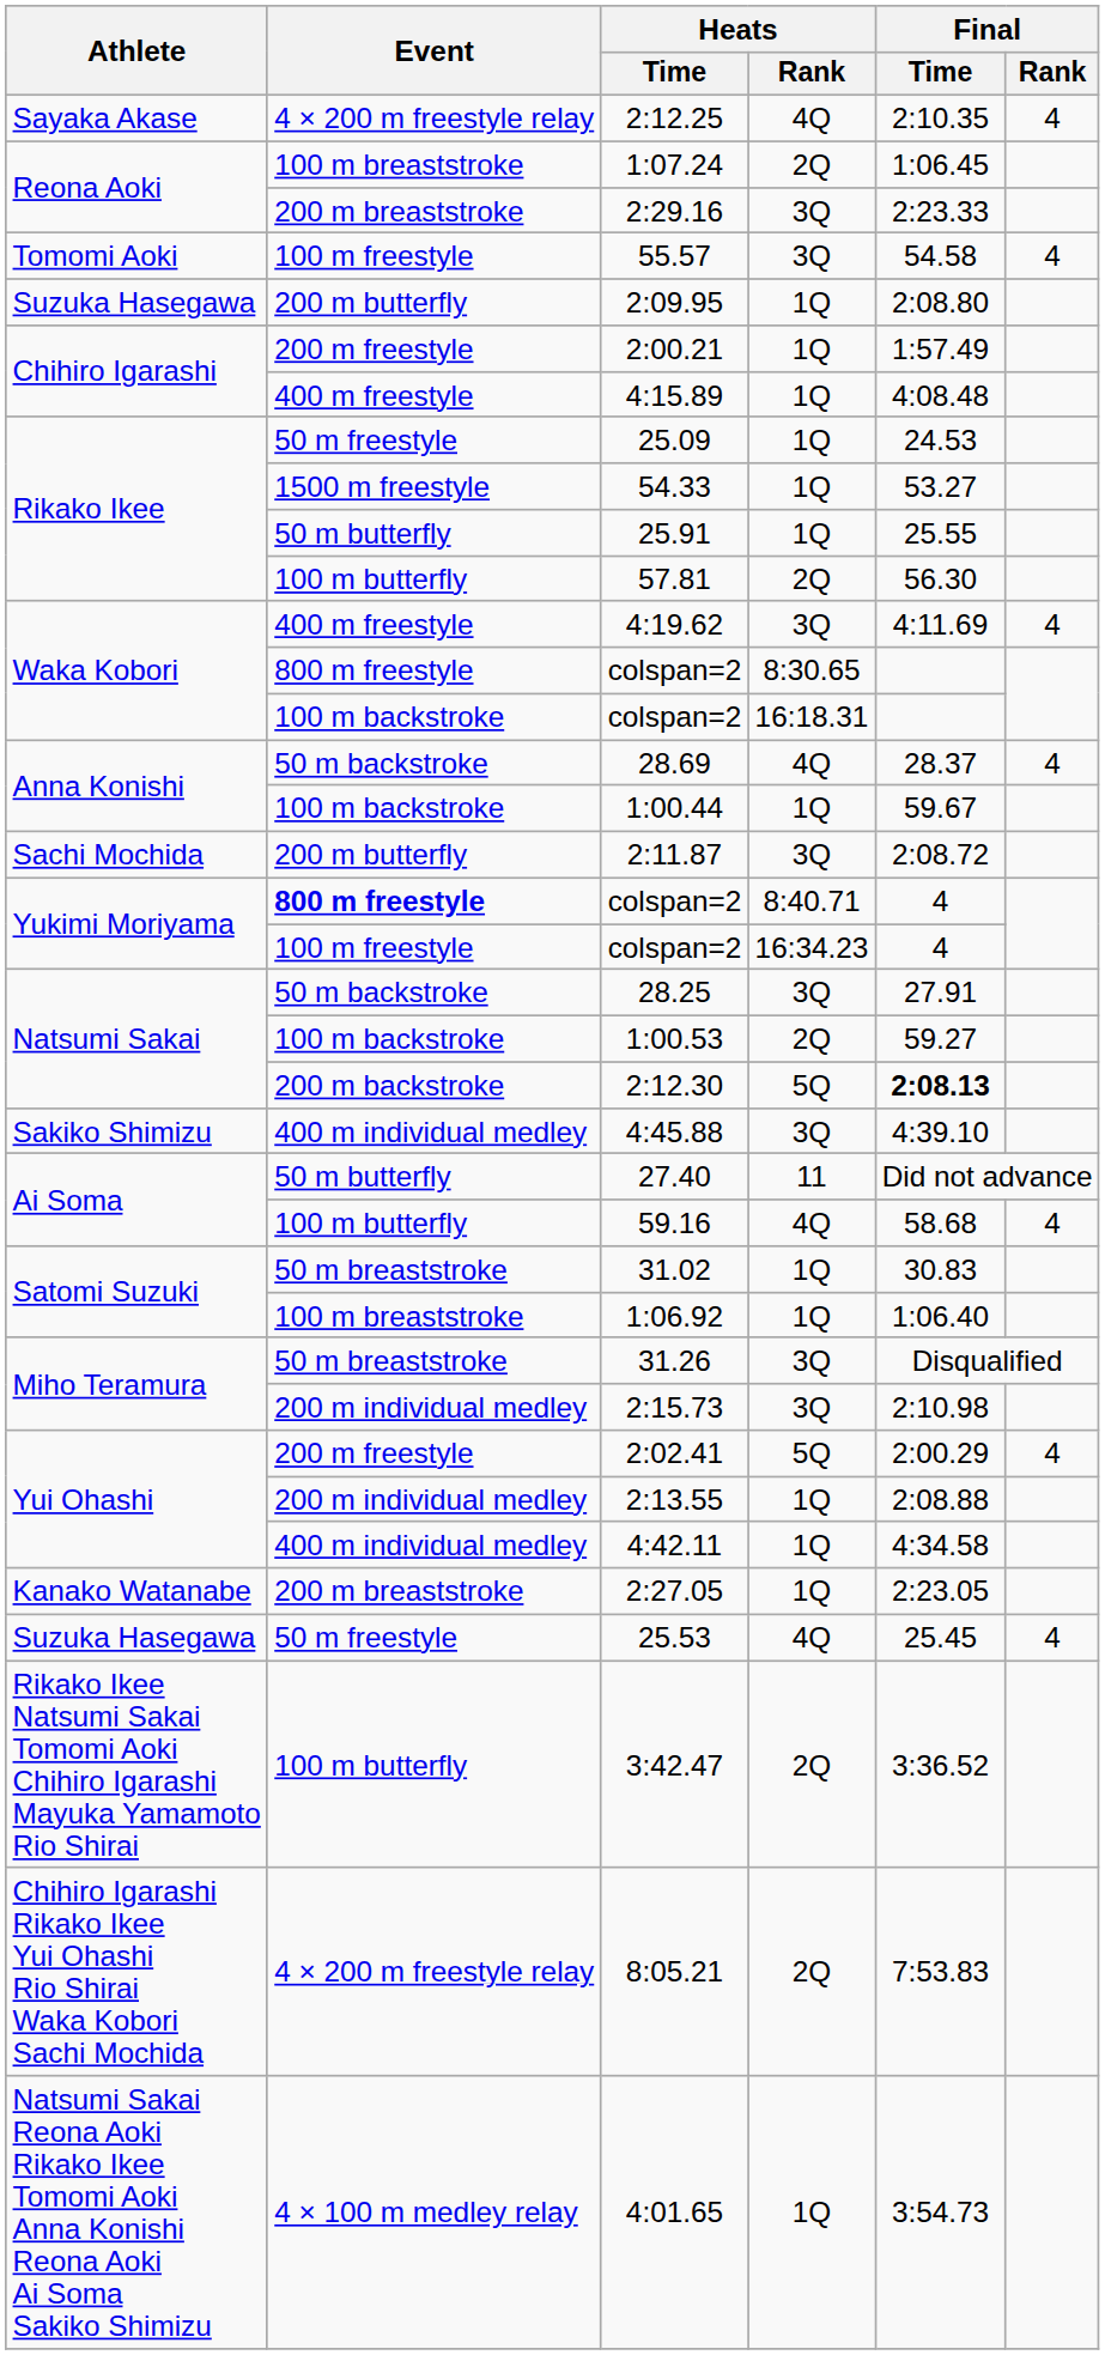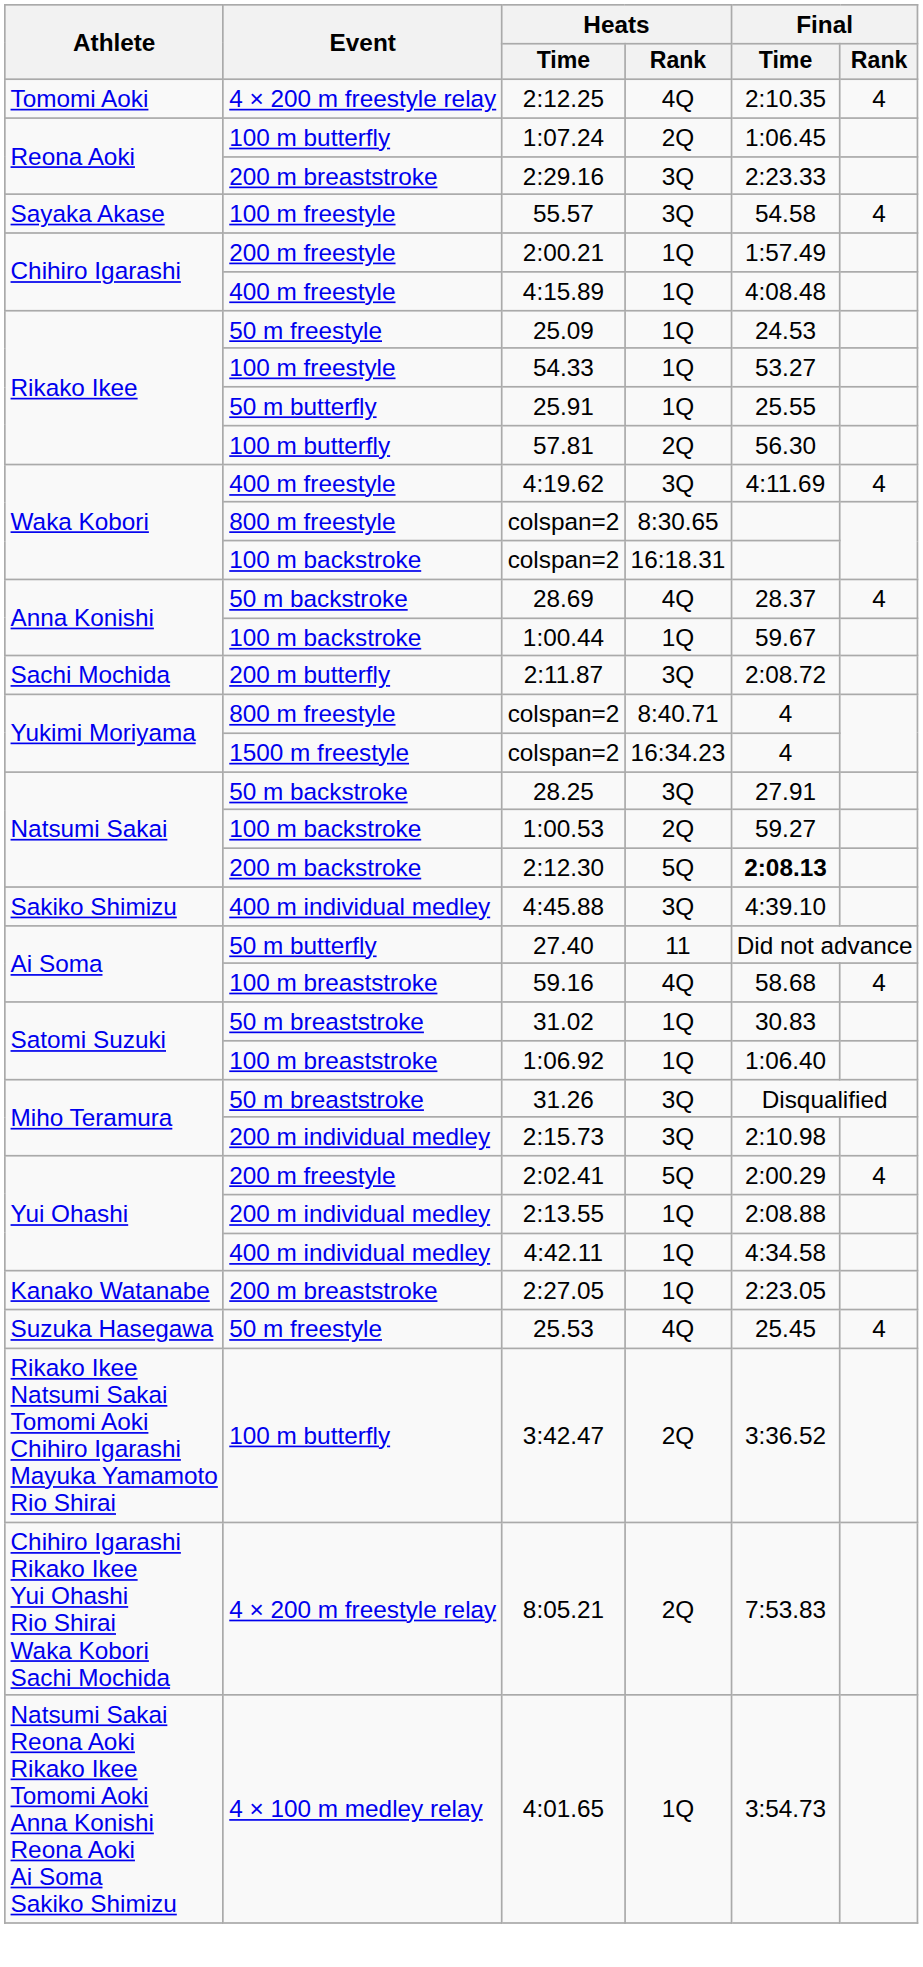 <table class=wikitable style="font-size:90%">
 <tr>
 <th rowspan="2">Athlete</th>
 <th rowspan="2">Event</th>
 <th colspan="2">Heats</th>
 <th colspan="2">Final</th>
 </tr>
 <tr style="font-size:95%">
 <th>Time</th>
 <th>Rank</th>
 <th>Time</th>
 <th>Rank</th>
 </tr>
 <tr style="text-align:center">
-<td style="text-align:left"><a href='#'>Sayaka Akase</a></td>
+<td style="text-align:left"><a href='#'>Tomomi Aoki</a></td>
 <td style="text-align:left"><a href='#'>4 × 200 m freestyle relay</a></td>
 <td>2:12.25</td>
 <td>4Q</td>
 <td>2:10.35</td>
 <td>4</td>
 </tr>
 <tr style="text-align:center">
 <td style="text-align:left" rowspan=2><a href='#'>Reona Aoki</a></td>
-<td style="text-align:left"><a href='#'>100 m breaststroke</a></td>
+<td style="text-align:left"><a href='#'>100 m butterfly</a></td>
 <td>1:07.24</td>
 <td>2Q</td>
 <td>1:06.45</td>
 <td></td>
 </tr>
 <tr style="text-align:center">
 <td style="text-align:left"><a href='#'>200 m breaststroke</a></td>
 <td>2:29.16</td>
 <td>3Q</td>
 <td>2:23.33</td>
 <td></td>
 </tr>
 <tr style="text-align:center">
-<td style="text-align:left"><a href='#'>Tomomi Aoki</a></td>
+<td style="text-align:left"><a href='#'>Sayaka Akase</a></td>
 <td style="text-align:left"><a href='#'>100 m freestyle</a></td>
 <td>55.57</td>
 <td>3Q</td>
 <td>54.58</td>
 <td>4</td>
-</tr>
-<tr style="text-align:center">
-<td style="text-align:left"><a href='#'>Suzuka Hasegawa</a></td>
-<td style="text-align:left"><a href='#'>200 m butterfly</a></td>
-<td>2:09.95</td>
-<td>1Q</td>
-<td>2:08.80</td>
-<td></td>
 </tr>
 <tr style="text-align:center">
 <td style="text-align:left" rowspan=2><a href='#'>Chihiro Igarashi</a></td>
 <td style="text-align:left"><a href='#'>200 m freestyle</a></td>
 <td>2:00.21</td>
 <td>1Q</td>
 <td>1:57.49</td>
 <td></td>
 </tr>
 <tr style="text-align:center">
 <td style="text-align:left"><a href='#'>400 m freestyle</a></td>
 <td>4:15.89</td>
 <td>1Q</td>
 <td>4:08.48</td>
 <td></td>
 </tr>
 <tr style="text-align:center">
 <td style="text-align:left" rowspan=4><a href='#'>Rikako Ikee</a></td>
 <td style="text-align:left"><a href='#'>50 m freestyle</a></td>
 <td>25.09</td>
 <td>1Q</td>
 <td>24.53</td>
 <td></td>
 </tr>
 <tr style="text-align:center">
-<td style="text-align:left"><a href='#'>1500 m freestyle</a></td>
+<td style="text-align:left"><a href='#'>100 m freestyle</a></td>
 <td>54.33</td>
 <td>1Q</td>
 <td>53.27</td>
 <td></td>
 </tr>
 <tr style="text-align:center">
 <td style="text-align:left"><a href='#'>50 m butterfly</a></td>
 <td>25.91</td>
 <td>1Q</td>
 <td>25.55</td>
 <td></td>
 </tr>
 <tr style="text-align:center">
 <td style="text-align:left"><a href='#'>100 m butterfly</a></td>
 <td>57.81</td>
 <td>2Q</td>
 <td>56.30</td>
 <td></td>
 </tr>
 <tr style="text-align:center">
 <td style="text-align:left" rowspan=3><a href='#'>Waka Kobori</a></td>
 <td style="text-align:left"><a href='#'>400 m freestyle</a></td>
 <td>4:19.62</td>
 <td>3Q</td>
 <td>4:11.69</td>
 <td>4</td>
 </tr>
 <tr style="text-align:center">
 <td style="text-align:left"><a href='#'>800 m freestyle</a></td>
 <td>colspan=2 </td>
 <td>8:30.65</td>
 <td></td>
 </tr>
 <tr style="text-align:center">
 <td style="text-align:left"><a href='#'>100 m backstroke</a></td>
 <td>colspan=2 </td>
 <td>16:18.31</td>
 <td></td>
 </tr>
 <tr style="text-align:center">
 <td style="text-align:left" rowspan=2><a href='#'>Anna Konishi</a></td>
 <td style="text-align:left"><a href='#'>50 m backstroke</a></td>
 <td>28.69</td>
 <td>4Q</td>
 <td>28.37</td>
 <td>4</td>
 </tr>
 <tr style="text-align:center">
 <td style="text-align:left"><a href='#'>100 m backstroke</a></td>
 <td>1:00.44</td>
 <td>1Q</td>
 <td>59.67</td>
 <td></td>
 </tr>
 <tr style="text-align:center">
 <td style="text-align:left"><a href='#'>Sachi Mochida</a></td>
 <td style="text-align:left"><a href='#'>200 m butterfly</a></td>
 <td>2:11.87</td>
 <td>3Q</td>
 <td>2:08.72</td>
 <td></td>
 </tr>
 <tr style="text-align:center">
 <td style="text-align:left" rowspan=2><a href='#'>Yukimi Moriyama</a></td>
-<td style="text-align:left"><strong><a href='#'>800 m freestyle</a></strong></td>
+<td style="text-align:left"><a href='#'>800 m freestyle</a></td>
 <td>colspan=2 </td>
 <td>8:40.71</td>
 <td>4</td>
 </tr>
 <tr style="text-align:center">
-<td style="text-align:left"><a href='#'>100 m freestyle</a></td>
+<td style="text-align:left"><a href='#'>1500 m freestyle</a></td>
 <td>colspan=2 </td>
 <td>16:34.23</td>
 <td>4</td>
 </tr>
 <tr style="text-align:center">
 <td style="text-align:left" rowspan=3><a href='#'>Natsumi Sakai</a></td>
 <td style="text-align:left"><a href='#'>50 m backstroke</a></td>
 <td>28.25</td>
 <td>3Q</td>
 <td>27.91</td>
 <td></td>
 </tr>
 <tr style="text-align:center">
 <td style="text-align:left"><a href='#'>100 m backstroke</a></td>
 <td>1:00.53</td>
 <td>2Q</td>
 <td>59.27</td>
 <td></td>
 </tr>
 <tr style="text-align:center">
 <td style="text-align:left"><a href='#'>200 m backstroke</a></td>
 <td>2:12.30</td>
 <td>5Q</td>
 <td><strong>2:08.13</strong></td>
 <td></td>
 </tr>
 <tr style="text-align:center">
 <td style="text-align:left"><a href='#'>Sakiko Shimizu</a></td>
 <td style="text-align:left"><a href='#'>400 m individual medley</a></td>
 <td>4:45.88</td>
 <td>3Q</td>
 <td>4:39.10</td>
 <td></td>
 </tr>
 <tr style="text-align:center">
 <td style="text-align:left" rowspan=2><a href='#'>Ai Soma</a></td>
 <td style="text-align:left"><a href='#'>50 m butterfly</a></td>
 <td>27.40</td>
 <td>11</td>
 <td colspan=2>Did not advance</td>
 </tr>
 <tr style="text-align:center">
-<td style="text-align:left"><a href='#'>100 m butterfly</a></td>
+<td style="text-align:left"><a href='#'>100 m breaststroke</a></td>
 <td>59.16</td>
 <td>4Q</td>
 <td>58.68</td>
 <td>4</td>
 </tr>
 <tr style="text-align:center">
 <td style="text-align:left" rowspan=2><a href='#'>Satomi Suzuki</a></td>
 <td style="text-align:left"><a href='#'>50 m breaststroke</a></td>
 <td>31.02</td>
 <td>1Q</td>
 <td>30.83</td>
 <td></td>
 </tr>
 <tr style="text-align:center">
 <td style="text-align:left"><a href='#'>100 m breaststroke</a></td>
 <td>1:06.92</td>
 <td>1Q</td>
 <td>1:06.40</td>
 <td></td>
 </tr>
 <tr style="text-align:center">
 <td style="text-align:left" rowspan=2><a href='#'>Miho Teramura</a></td>
 <td style="text-align:left"><a href='#'>50 m breaststroke</a></td>
 <td>31.26</td>
 <td>3Q</td>
 <td colspan=2>Disqualified</td>
 </tr>
 <tr style="text-align:center">
 <td style="text-align:left"><a href='#'>200 m individual medley</a></td>
 <td>2:15.73</td>
 <td>3Q</td>
 <td>2:10.98</td>
 <td></td>
 </tr>
 <tr style="text-align:center">
 <td style="text-align:left" rowspan=3><a href='#'>Yui Ohashi</a></td>
 <td style="text-align:left"><a href='#'>200 m freestyle</a></td>
 <td>2:02.41</td>
 <td>5Q</td>
 <td>2:00.29</td>
 <td>4</td>
 </tr>
 <tr style="text-align:center">
 <td style="text-align:left"><a href='#'>200 m individual medley</a></td>
 <td>2:13.55</td>
 <td>1Q</td>
 <td>2:08.88</td>
 <td></td>
 </tr>
 <tr style="text-align:center">
 <td style="text-align:left"><a href='#'>400 m individual medley</a></td>
 <td>4:42.11</td>
 <td>1Q</td>
 <td>4:34.58</td>
 <td></td>
 </tr>
 <tr style="text-align:center">
 <td style="text-align:left"><a href='#'>Kanako Watanabe</a></td>
 <td style="text-align:left"><a href='#'>200 m breaststroke</a></td>
 <td>2:27.05</td>
 <td>1Q</td>
 <td>2:23.05</td>
 <td></td>
 </tr>
 <tr style="text-align:center">
 <td style="text-align:left"><a href='#'>Suzuka Hasegawa</a></td>
 <td style="text-align:left"><a href='#'>50 m freestyle</a></td>
 <td>25.53</td>
 <td>4Q</td>
 <td>25.45</td>
 <td>4</td>
 </tr>
 <tr style="text-align:center">
 <td style="text-align:left"><a href='#'>Rikako Ikee</a><br><a href='#'>Natsumi Sakai</a><br><a href='#'>Tomomi Aoki</a><br><a href='#'>Chihiro Igarashi</a><br><a href='#'>Mayuka Yamamoto</a><br><a href='#'>Rio Shirai</a></td>
 <td style="text-align:left"><a href='#'>100 m butterfly</a></td>
 <td>3:42.47</td>
 <td>2Q</td>
 <td>3:36.52</td>
 <td></td>
 </tr>
 <tr style="text-align:center">
 <td style="text-align:left"><a href='#'>Chihiro Igarashi</a><br><a href='#'>Rikako Ikee</a><br><a href='#'>Yui Ohashi</a><br><a href='#'>Rio Shirai</a><br><a href='#'>Waka Kobori</a><br><a href='#'>Sachi Mochida</a></td>
 <td style="text-align:left"><a href='#'>4 × 200 m freestyle relay</a></td>
 <td>8:05.21</td>
 <td>2Q</td>
 <td>7:53.83</td>
 <td></td>
 </tr>
 <tr style="text-align:center">
 <td style="text-align:left"><a href='#'>Natsumi Sakai</a><br><a href='#'>Reona Aoki</a><br><a href='#'>Rikako Ikee</a><br><a href='#'>Tomomi Aoki</a><br><a href='#'>Anna Konishi</a><br><a href='#'>Reona Aoki</a><br><a href='#'>Ai Soma</a><br><a href='#'>Sakiko Shimizu</a></td>
 <td style="text-align:left"><a href='#'>4 × 100 m medley relay</a></td>
 <td>4:01.65</td>
 <td>1Q</td>
 <td>3:54.73</td>
 <td></td>
 </tr>
 </table>
